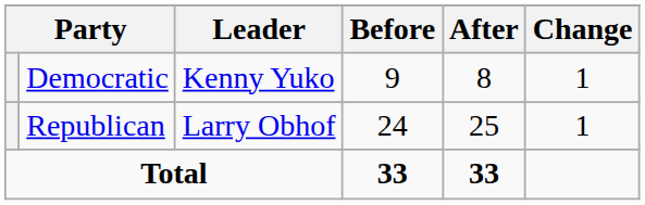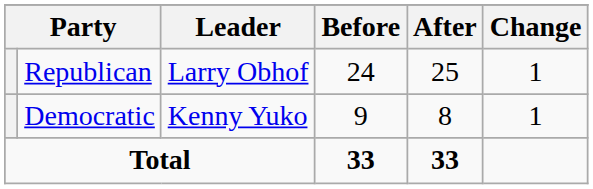 <table class="wikitable" style="text-align:center;">
 <tr>
 </tr>
 <tr>
 <th colspan=2>Party</th>
 <th>Leader</th>
 <th>Before</th>
 <th>After</th>
 <th>Change</th>
 </tr>
 <tr>
 <th style="background-color:"></th>
+<td style="text-align:left;"><a href='#'>Republican</a></td>
+<td style="text-align:left;"><a href='#'>Larry Obhof</a></td>
+<td>24</td>
+<td>25</td>
+<td> 1</td>
+</tr>
+<tr>
+<th style="background-color:"></th>
 <td style="text-align:left;"><a href='#'>Democratic</a></td>
 <td style="text-align:left;"><a href='#'>Kenny Yuko</a></td>
 <td>9</td>
 <td>8</td>
-<td> 1</td>
-</tr>
-<tr>
-<th style="background-color:"></th>
-<td style="text-align:left;"><a href='#'>Republican</a></td>
-<td style="text-align:left;"><a href='#'>Larry Obhof</a></td>
-<td>24</td>
-<td>25</td>
 <td> 1</td>
 </tr>
 <tr>
 <td colspan=3><strong>Total</strong></td>
 <td><strong>33</strong></td>
 <td><strong>33</strong></td>
 <td></td>
 </tr>
 </table>
